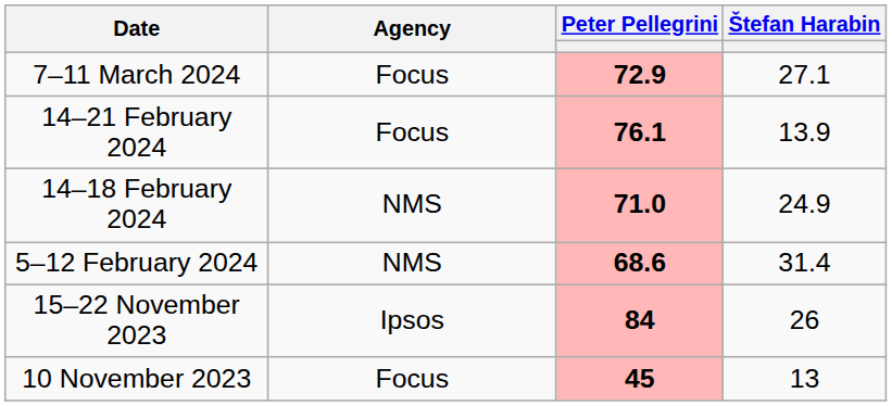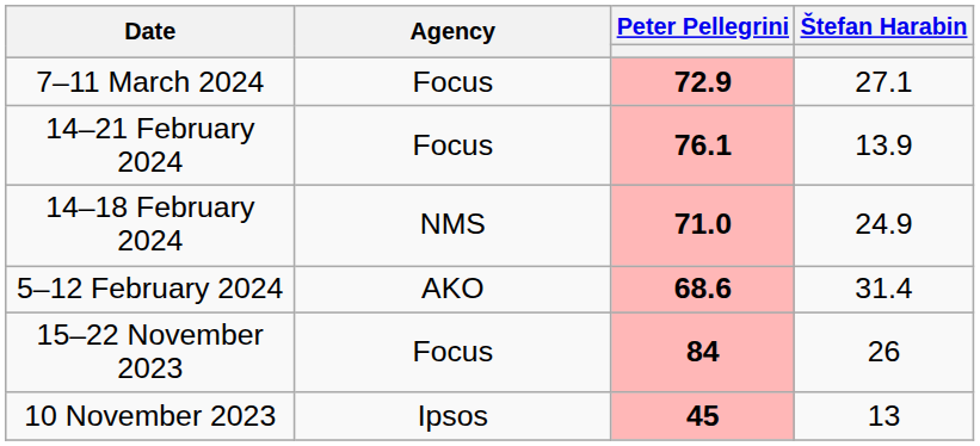 <table class="wikitable" style="text-align:center;">
 <tr style="font-size:80%;">
 <th style="width:150px;" rowspan="2">Date</th>
 <th style="width:165px;" rowspan="2">Agency</th>
 <th><a href='#'>Peter Pellegrini</a></th>
 <th><a href='#'>Štefan Harabin</a></th>
 </tr>
 <tr>
 <th style="background:"></th>
 <th style="background:"></th>
 </tr>
 <tr>
 <td>7–11 March 2024</td>
 <td>Focus</td>
 <td style="background:#FFB7B7;"><strong>72.9</strong></td>
 <td>27.1</td>
 </tr>
 <tr>
 <td>14–21 February 2024</td>
 <td>Focus</td>
 <td style="background:#FFB7B7;"><strong>76.1</strong></td>
 <td>13.9</td>
 </tr>
 <tr>
 <td>14–18 February 2024</td>
 <td>NMS</td>
 <td style="background:#FFB7B7;"><strong>71.0</strong></td>
 <td>24.9</td>
 </tr>
 <tr>
 <td>5–12 February 2024</td>
-<td>NMS</td>
+<td>AKO</td>
 <td style="background:#FFB7B7;"><strong>68.6</strong></td>
 <td>31.4</td>
 </tr>
 <tr>
 <td>15–22 November 2023</td>
-<td>Ipsos</td>
+<td>Focus</td>
 <td style="background:#FFB7B7;"><strong>84</strong></td>
 <td>26</td>
 </tr>
 <tr>
 <td>10 November 2023</td>
-<td>Focus</td>
+<td>Ipsos</td>
 <td style="background:#FFB7B7;"><strong>45</strong></td>
 <td>13</td>
 </tr>
 </table>
